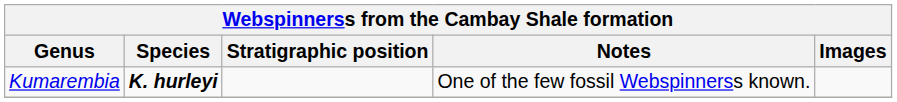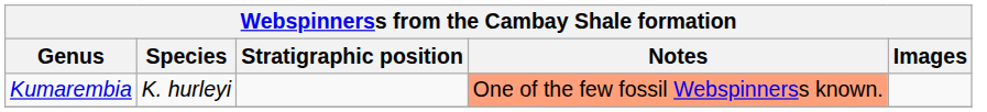 <table class="wikitable" align="center">
 <tr>
 <th colspan="7" align="center"><strong><a href='#'>Webspinners</a>s from the Cambay Shale formation</strong></th>
 </tr>
 <tr>
 <th>Genus</th>
 <th>Species</th>
 <th>Stratigraphic position</th>
 <th>Notes</th>
 <th>Images</th>
 </tr>
 <tr>
 <td><em><a href='#'>Kumarembia</a></em></td>
-<td><strong><em>K. hurleyi</em></strong></td>
+<td><em>K. hurleyi</em></td>
 <td></td>
-<td>One of the few fossil <a href='#'>Webspinners</a>s known.</td>
+<td style="background: lightsalmon;">One of the few fossil <a href='#'>Webspinners</a>s known.</td>
 <td></td>
 </tr>
 <tr>
 </tr>
 </table>
